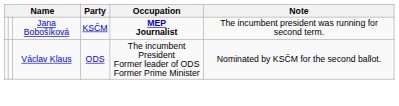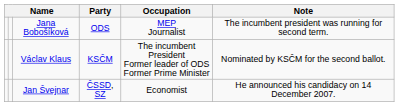 <table class="wikitable" style=text-align:center;font-size:85%;line-height:14px;">
 <tr>
 <th colspan=3>Name</th>
 <th>Party</th>
 <th>Occupation</th>
 <th>Note</th>
 </tr>
 <tr>
 <td style="background-color:"></td>
 <td></td>
 <td><a href='#'>Jana Bobošíková</a></td>
-<td><a href='#'>KSČM</a></td>
-<td><strong><a href='#'>MEP</a><br>Journalist</strong></td>
+<td><a href='#'>ODS</a></td>
+<td><a href='#'>MEP</a><br>Journalist</td>
 <td>The incumbent president was running for second term.</td>
 </tr>
 <tr>
 <td style="background-color:"></td>
 <td></td>
 <td><a href='#'>Václav Klaus</a></td>
-<td><a href='#'>ODS</a></td>
+<td><a href='#'>KSČM</a></td>
 <td>The incumbent President<br>Former leader of ODS<br>Former Prime Minister</td>
 <td>Nominated by KSČM for the second ballot.</td>
 </tr>
+<tr>
+<td style="background-color:"></td>
+<td></td>
+<td><a href='#'>Jan Švejnar</a></td>
+<td><a href='#'>ČSSD</a>, <a href='#'>SZ</a></td>
+<td>Economist</td>
+<td>He announced his candidacy on 14 December 2007.</td>
+</tr>
 </table>
